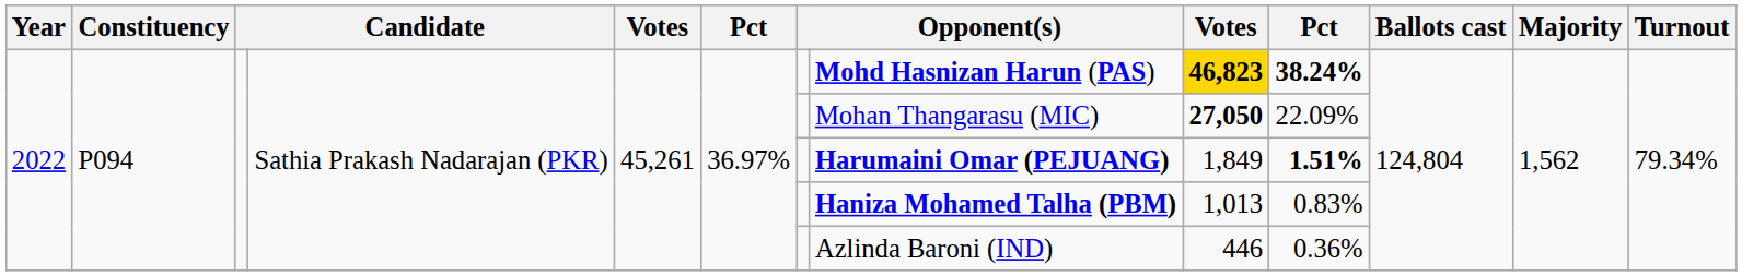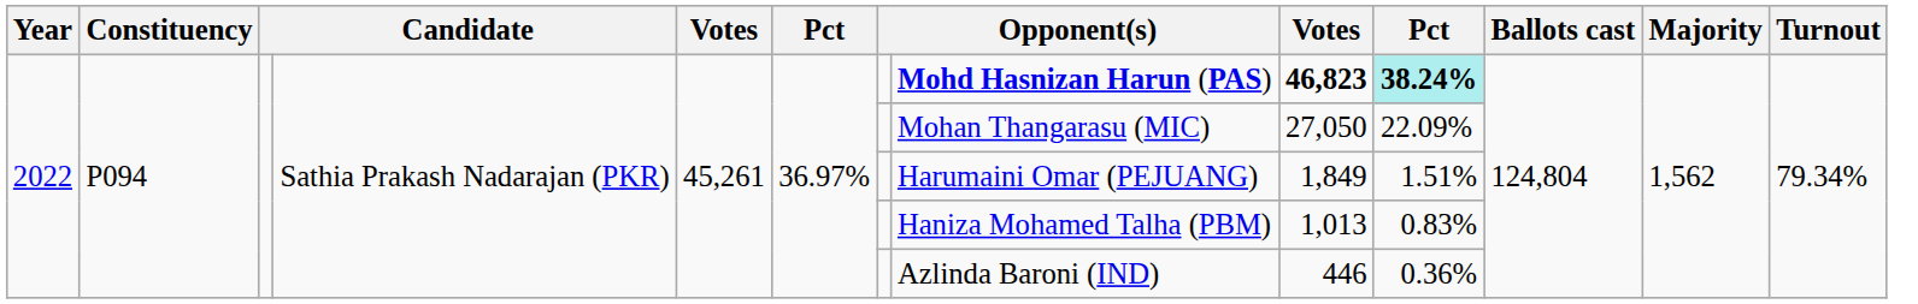 <table class="wikitable" style="margin:0.5em ; font-size:95%">
 <tr>
 <th>Year</th>
 <th>Constituency</th>
 <th colspan=2>Candidate</th>
 <th>Votes</th>
 <th>Pct</th>
 <th colspan=2>Opponent(s)</th>
 <th>Votes</th>
 <th>Pct</th>
 <th>Ballots cast</th>
 <th>Majority</th>
 <th>Turnout</th>
 </tr>
 <tr>
 <td rowspan=5><a href='#'>2022</a></td>
 <td rowspan=5>P094 </td>
 <td rowspan=5 ></td>
 <td rowspan=5>Sathia Prakash Nadarajan (<a href='#'>PKR</a>)</td>
 <td rowspan=5 align=right>45,261</td>
 <td rowspan=5>36.97%</td>
 <td bgcolor=></td>
 <td><strong><a href='#'>Mohd Hasnizan Harun</a></strong> (<a href='#'><strong>PAS</strong></a>)</td>
-<td align=right style="background: gold;"><strong>46,823</strong></td>
-<td><strong>38.24%</strong></td>
+<td align=right><strong>46,823</strong></td>
+<td style="background: paleturquoise;"><strong>38.24%</strong></td>
 <td rowspan=5>124,804</td>
 <td rowspan=5>1,562</td>
 <td rowspan=5>79.34%</td>
 </tr>
 <tr>
 <td></td>
 <td><a href='#'>Mohan Thangarasu</a> (<a href='#'>MIC</a>)</td>
-<td align=right><strong>27,050</strong></td>
+<td align=right>27,050</td>
 <td>22.09%</td>
 </tr>
 <tr>
 <td bgcolor=></td>
-<td><strong><a href='#'>Harumaini Omar</a> (<a href='#'>PEJUANG</a>)</strong></td>
+<td><a href='#'>Harumaini Omar</a> (<a href='#'>PEJUANG</a>)</td>
 <td align=right>1,849</td>
-<td align=right><strong>1.51%</strong></td>
+<td align=right>1.51%</td>
 </tr>
 <tr>
 <td bgcolor=></td>
-<td><strong><a href='#'>Haniza Mohamed Talha</a> (<a href='#'>PBM</a>)</strong></td>
+<td><a href='#'>Haniza Mohamed Talha</a> (<a href='#'>PBM</a>)</td>
 <td align=right>1,013</td>
 <td align=right>0.83%</td>
 </tr>
 <tr>
 <td></td>
 <td>Azlinda Baroni (<a href='#'>IND</a>)</td>
 <td align=right>446</td>
 <td align=right>0.36%</td>
 </tr>
 </table>
